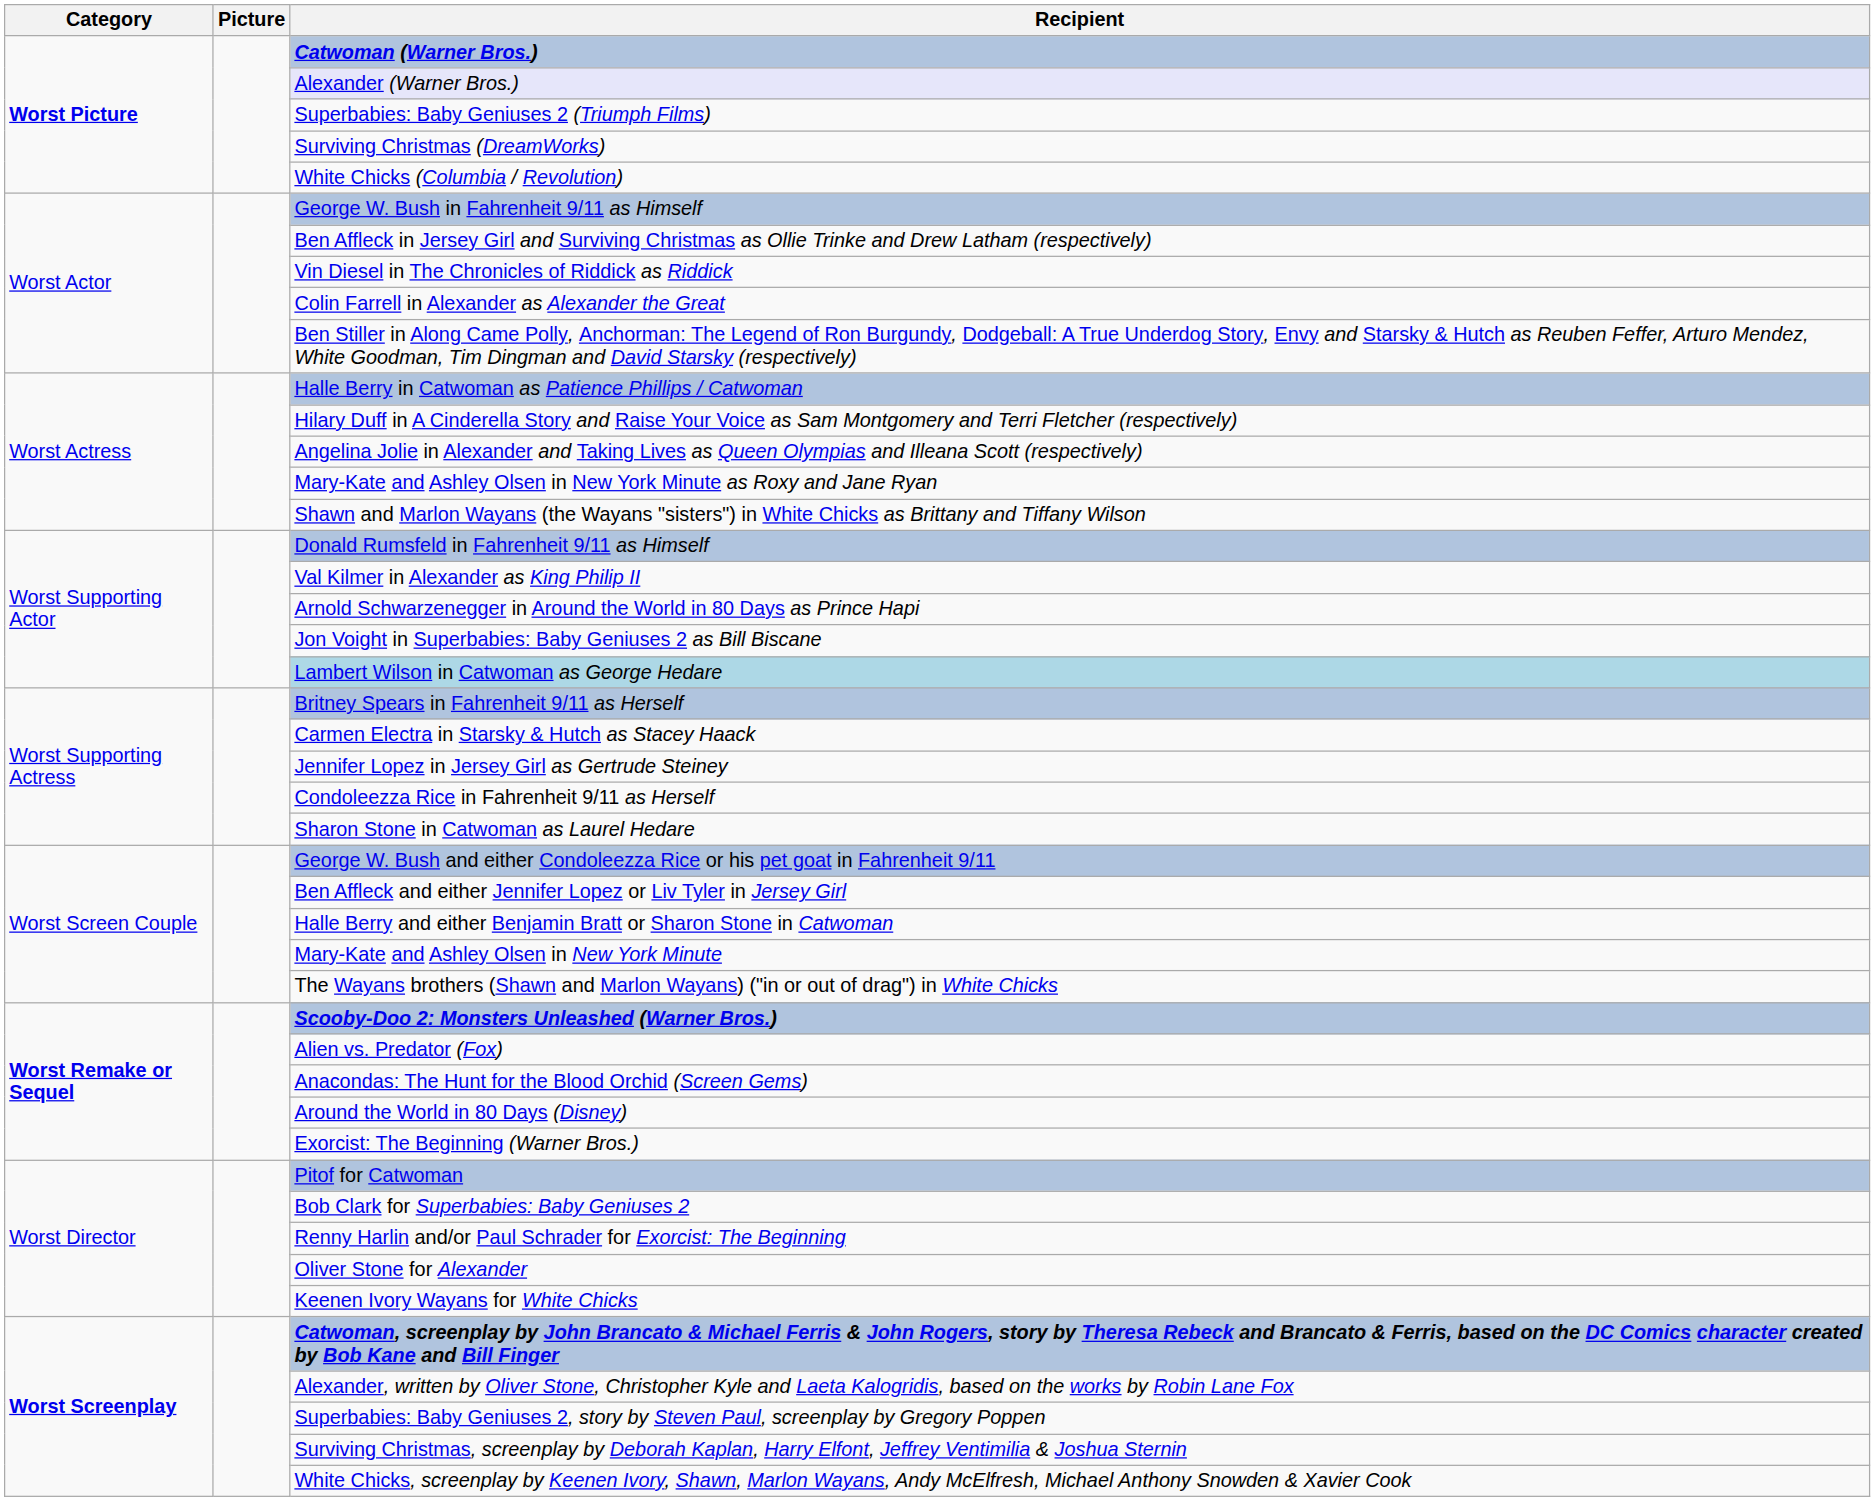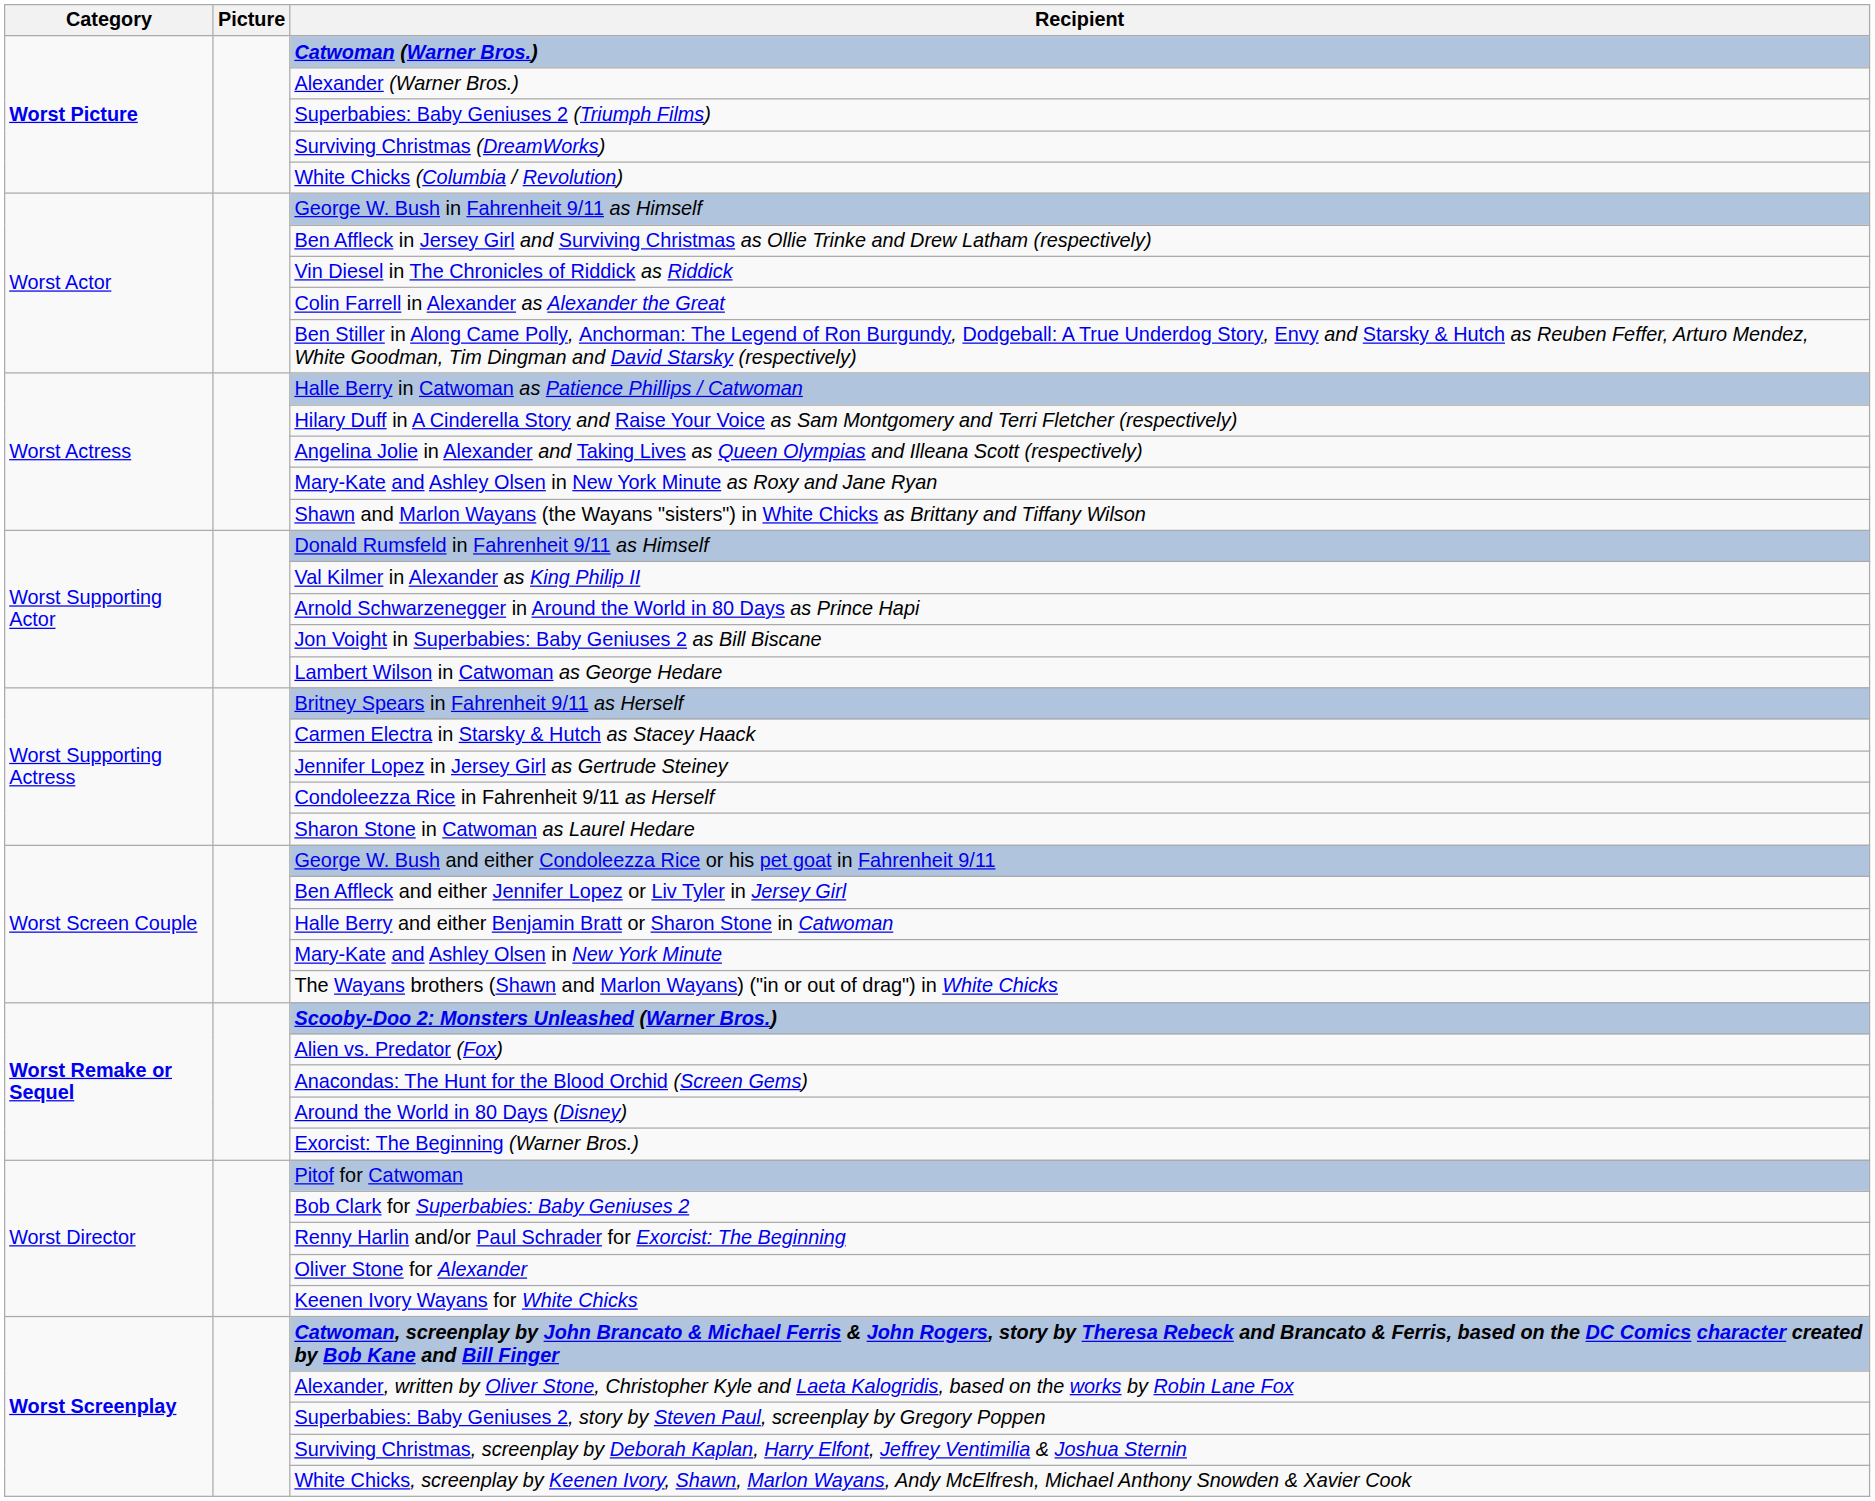 <table class="wikitable" width="95%" align="centre">
 <tr>
 <th>Category</th>
 <th>Picture</th>
 <th>Recipient</th>
 </tr>
 <tr>
 <td rowspan=5><strong><a href='#'>Worst Picture</a></strong></td>
 <td rowspan=5></td>
 <td style="background:#B0C4DE;"><strong><em><a href='#'>Catwoman</a><em> (<a href='#'>Warner Bros.</a>)<strong></td>
 </tr>
 <tr>
-<td style="background: lavender;"></em><a href='#'>Alexander</a><em> (Warner Bros.)</td>
+<td></em><a href='#'>Alexander</a><em> (Warner Bros.)</td>
 </tr>
 <tr>
 <td></em><a href='#'>Superbabies: Baby Geniuses 2</a><em> (<a href='#'>Triumph Films</a>)</td>
 </tr>
 <tr>
 <td></em><a href='#'>Surviving Christmas</a><em> (<a href='#'>DreamWorks</a>)</td>
 </tr>
 <tr>
 <td></em><a href='#'>White Chicks</a><em> (<a href='#'>Columbia</a> / <a href='#'>Revolution</a>)</td>
 </tr>
 <tr>
 <td rowspan=5></strong><a href='#'>Worst Actor</a><strong></td>
 <td rowspan=5></td>
 <td style="background:#B0C4DE;"></strong><a href='#'>George W. Bush</a> in </em><a href='#'>Fahrenheit 9/11</a><em> as Himself<strong></td>
 </tr>
 <tr>
 <td><a href='#'>Ben Affleck</a> in </em><a href='#'>Jersey Girl</a><em> and </em><a href='#'>Surviving Christmas</a><em> as Ollie Trinke and Drew Latham (respectively)</td>
 </tr>
 <tr>
 <td><a href='#'>Vin Diesel</a> in </em><a href='#'>The Chronicles of Riddick</a><em> as <a href='#'>Riddick</a></td>
 </tr>
 <tr>
 <td><a href='#'>Colin Farrell</a> in </em><a href='#'>Alexander</a><em> as <a href='#'>Alexander the Great</a></td>
 </tr>
 <tr>
 <td><a href='#'>Ben Stiller</a> in </em><a href='#'>Along Came Polly</a><em>, </em><a href='#'>Anchorman: The Legend of Ron Burgundy</a><em>, </em><a href='#'>Dodgeball: A True Underdog Story</a><em>, </em><a href='#'>Envy</a><em> and </em><a href='#'>Starsky & Hutch</a><em> as Reuben Feffer, Arturo Mendez, White Goodman, Tim Dingman and <a href='#'>David Starsky</a> (respectively)</td>
 </tr>
 <tr>
 <td rowspan=5></strong><a href='#'>Worst Actress</a><strong></td>
 <td rowspan=5></td>
 <td style="background:#B0C4DE;"></strong><a href='#'>Halle Berry</a> in </em><a href='#'>Catwoman</a><em> as <a href='#'>Patience Phillips / Catwoman</a><strong></td>
 </tr>
 <tr>
 <td><a href='#'>Hilary Duff</a> in </em><a href='#'>A Cinderella Story</a><em> and </em><a href='#'>Raise Your Voice</a><em> as Sam Montgomery and Terri Fletcher (respectively)</td>
 </tr>
 <tr>
 <td><a href='#'>Angelina Jolie</a> in </em><a href='#'>Alexander</a><em> and </em><a href='#'>Taking Lives</a><em> as <a href='#'>Queen Olympias</a> and Illeana Scott (respectively)</td>
 </tr>
 <tr>
 <td><a href='#'>Mary-Kate</a> <a href='#'>and</a> <a href='#'>Ashley Olsen</a> in </em><a href='#'>New York Minute</a><em> as Roxy and Jane Ryan</td>
 </tr>
 <tr>
 <td><a href='#'>Shawn</a> and <a href='#'>Marlon Wayans</a> (the Wayans "sisters") in </em><a href='#'>White Chicks</a><em> as Brittany and Tiffany Wilson</td>
 </tr>
 <tr>
 <td rowspan=5></strong><a href='#'>Worst Supporting Actor</a><strong></td>
 <td rowspan=5></td>
 <td style="background:#B0C4DE;"></strong><a href='#'>Donald Rumsfeld</a> in </em><a href='#'>Fahrenheit 9/11</a><em> as Himself<strong></td>
 </tr>
 <tr>
 <td><a href='#'>Val Kilmer</a> in </em><a href='#'>Alexander</a><em> as <a href='#'>King Philip II</a></td>
 </tr>
 <tr>
 <td><a href='#'>Arnold Schwarzenegger</a> in </em><a href='#'>Around the World in 80 Days</a><em> as Prince Hapi</td>
 </tr>
 <tr>
 <td><a href='#'>Jon Voight</a> in </em><a href='#'>Superbabies: Baby Geniuses 2</a><em> as Bill Biscane</td>
 </tr>
 <tr>
-<td style="background: lightblue;"><a href='#'>Lambert Wilson</a> in </em><a href='#'>Catwoman</a><em> as George Hedare</td>
+<td><a href='#'>Lambert Wilson</a> in </em><a href='#'>Catwoman</a><em> as George Hedare</td>
 </tr>
 <tr>
 <td rowspan=5></strong><a href='#'>Worst Supporting Actress</a><strong></td>
 <td rowspan=5></td>
 <td style="background:#B0C4DE;"></strong><a href='#'>Britney Spears</a> in </em><a href='#'>Fahrenheit 9/11</a><em> as Herself<strong></td>
 </tr>
 <tr>
 <td><a href='#'>Carmen Electra</a> in </em><a href='#'>Starsky & Hutch</a><em> as Stacey Haack</td>
 </tr>
 <tr>
 <td><a href='#'>Jennifer Lopez</a> in </em><a href='#'>Jersey Girl</a><em> as Gertrude Steiney</td>
 </tr>
 <tr>
 <td><a href='#'>Condoleezza Rice</a> in </em>Fahrenheit 9/11<em> as Herself</td>
 </tr>
 <tr>
 <td><a href='#'>Sharon Stone</a> in </em><a href='#'>Catwoman</a><em> as Laurel Hedare</td>
 </tr>
 <tr>
 <td rowspan=5></strong><a href='#'>Worst Screen Couple</a><strong></td>
 <td rowspan=5></td>
 <td style="background:#B0C4DE;"></strong><a href='#'>George W. Bush</a> and either <a href='#'>Condoleezza Rice</a> or his <a href='#'>pet goat</a> in </em><a href='#'>Fahrenheit 9/11</a></em></strong></td>
 </tr>
 <tr>
 <td><a href='#'>Ben Affleck</a> and either <a href='#'>Jennifer Lopez</a> or <a href='#'>Liv Tyler</a> in <em><a href='#'>Jersey Girl</a></em></td>
 </tr>
 <tr>
 <td><a href='#'>Halle Berry</a> and either <a href='#'>Benjamin Bratt</a> or <a href='#'>Sharon Stone</a> in <em><a href='#'>Catwoman</a></em></td>
 </tr>
 <tr>
 <td><a href='#'>Mary-Kate</a> <a href='#'>and</a> <a href='#'>Ashley Olsen</a> in <em><a href='#'>New York Minute</a></em></td>
 </tr>
 <tr>
 <td>The <a href='#'>Wayans</a> brothers (<a href='#'>Shawn</a> and <a href='#'>Marlon Wayans</a>) ("in or out of drag") in <em><a href='#'>White Chicks</a></em></td>
 </tr>
 <tr>
 <td rowspan=5><strong><a href='#'>Worst Remake or Sequel</a></strong></td>
 <td rowspan=5></td>
 <td style="background:#B0C4DE;"><strong><em><a href='#'>Scooby-Doo 2: Monsters Unleashed</a><em> (<a href='#'>Warner Bros.</a>)<strong></td>
 </tr>
 <tr>
 <td></em><a href='#'>Alien vs. Predator</a><em> (<a href='#'>Fox</a>)</td>
 </tr>
 <tr>
 <td></em><a href='#'>Anacondas: The Hunt for the Blood Orchid</a><em> (<a href='#'>Screen Gems</a>)</td>
 </tr>
 <tr>
 <td></em><a href='#'>Around the World in 80 Days</a><em> (<a href='#'>Disney</a>)</td>
 </tr>
 <tr>
 <td></em><a href='#'>Exorcist: The Beginning</a><em> (Warner Bros.)</td>
 </tr>
 <tr>
 <td rowspan=5></strong><a href='#'>Worst Director</a><strong></td>
 <td rowspan=5></td>
 <td style="background:#B0C4DE;"></strong><a href='#'>Pitof</a> for </em><a href='#'>Catwoman</a></em></strong></td>
 </tr>
 <tr>
 <td><a href='#'>Bob Clark</a> for <em><a href='#'>Superbabies: Baby Geniuses 2</a></em></td>
 </tr>
 <tr>
 <td><a href='#'>Renny Harlin</a> and/or <a href='#'>Paul Schrader</a> for <em><a href='#'>Exorcist: The Beginning</a></em></td>
 </tr>
 <tr>
 <td><a href='#'>Oliver Stone</a> for <em><a href='#'>Alexander</a></em></td>
 </tr>
 <tr>
 <td><a href='#'>Keenen Ivory Wayans</a> for <em><a href='#'>White Chicks</a></em></td>
 </tr>
 <tr>
 <td rowspan=5><strong><a href='#'>Worst Screenplay</a></strong></td>
 <td rowspan=5></td>
 <td style="background:#B0C4DE;"><strong><em><a href='#'>Catwoman</a><em>, screenplay by <a href='#'>John Brancato & Michael Ferris</a> & <a href='#'>John Rogers</a>, story by <a href='#'>Theresa Rebeck</a> and Brancato & Ferris, based on the <a href='#'>DC Comics</a> <a href='#'>character</a> created by <a href='#'>Bob Kane</a> and <a href='#'>Bill Finger</a><strong></td>
 </tr>
 <tr>
 <td></em><a href='#'>Alexander</a><em>, written by <a href='#'>Oliver Stone</a>, Christopher Kyle and <a href='#'>Laeta Kalogridis</a>, based on the <a href='#'>works</a> by <a href='#'>Robin Lane Fox</a></td>
 </tr>
 <tr>
 <td></em><a href='#'>Superbabies: Baby Geniuses 2</a><em>, story by <a href='#'>Steven Paul</a>, screenplay by Gregory Poppen</td>
 </tr>
 <tr>
 <td></em><a href='#'>Surviving Christmas</a><em>, screenplay by <a href='#'>Deborah Kaplan</a>, <a href='#'>Harry Elfont</a>, <a href='#'>Jeffrey Ventimilia</a> & <a href='#'>Joshua Sternin</a></td>
 </tr>
 <tr>
 <td></em><a href='#'>White Chicks</a><em>, screenplay by <a href='#'>Keenen Ivory</a>, <a href='#'>Shawn</a>, <a href='#'>Marlon Wayans</a>, Andy McElfresh, Michael Anthony Snowden & Xavier Cook</td>
 </tr>
 </table>
